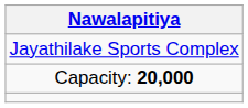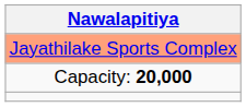 <table class="wikitable" style="margin:1em auto; text-align:center">
 <tr>
 <th><a href='#'>Nawalapitiya</a></th>
 </tr>
 <tr>
-<td><a href='#'>Jayathilake Sports Complex</a></td>
+<td style="background: lightsalmon;"><a href='#'>Jayathilake Sports Complex</a></td>
 </tr>
 <tr>
 <td>Capacity: <strong>20,000</strong></td>
 </tr>
 <tr>
 <td></td>
 </tr>
 </table>
